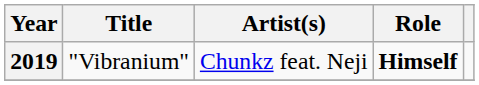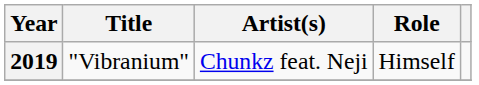 <table class="wikitable plainrowheaders" style="margin-right: 0;">
 <tr>
 <th scope="col">Year</th>
 <th scope="col">Title</th>
 <th scope="col">Artist(s)</th>
 <th>Role</th>
 <th class="unsortable" scope="col"></th>
 </tr>
 <tr>
 <th scope="row">2019</th>
 <td>"Vibranium"</td>
 <td><a href='#'>Chunkz</a> feat. Neji</td>
-<td><strong>Himself</strong></td>
+<td>Himself</td>
 <td style="text-align:center;"></td>
 </tr>
 <tr>
 </tr>
 </table>
